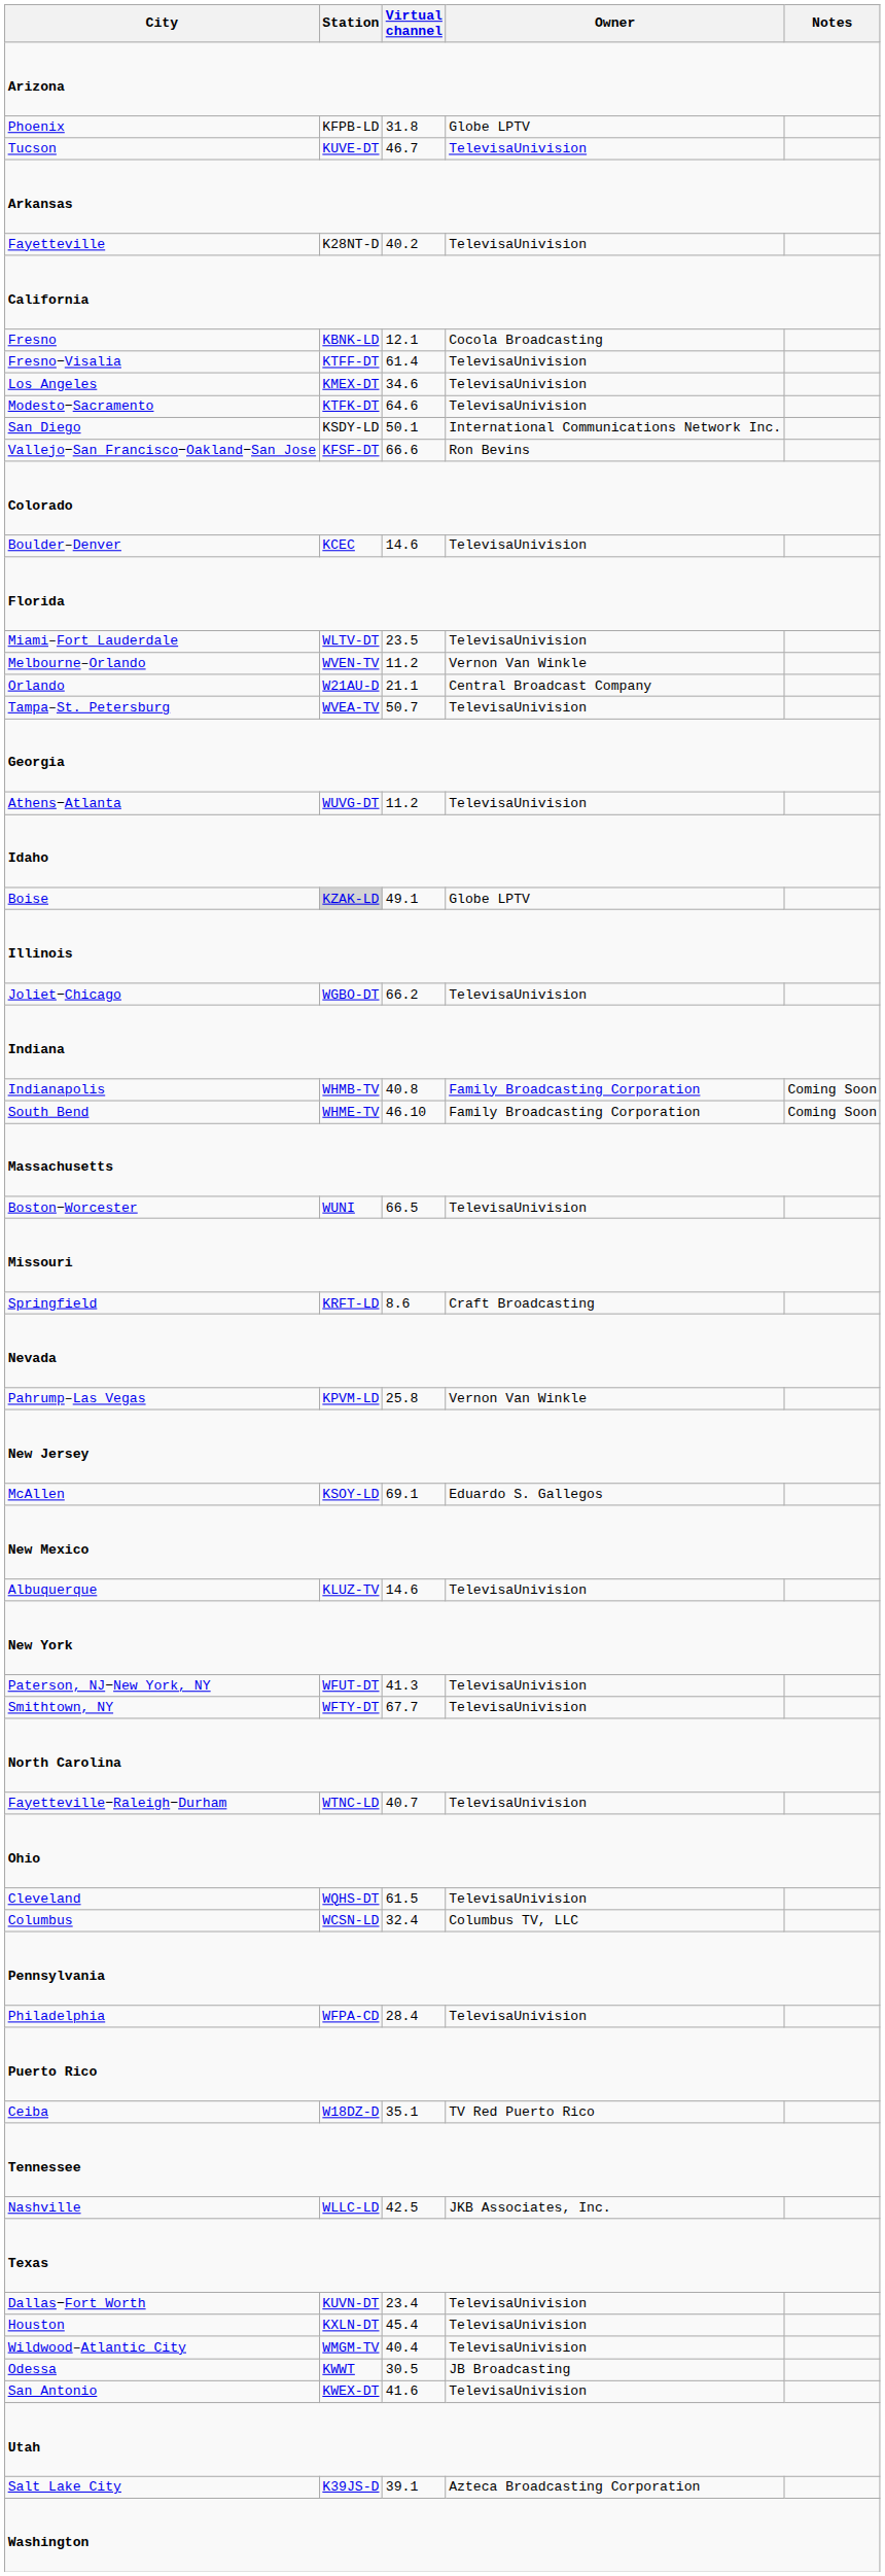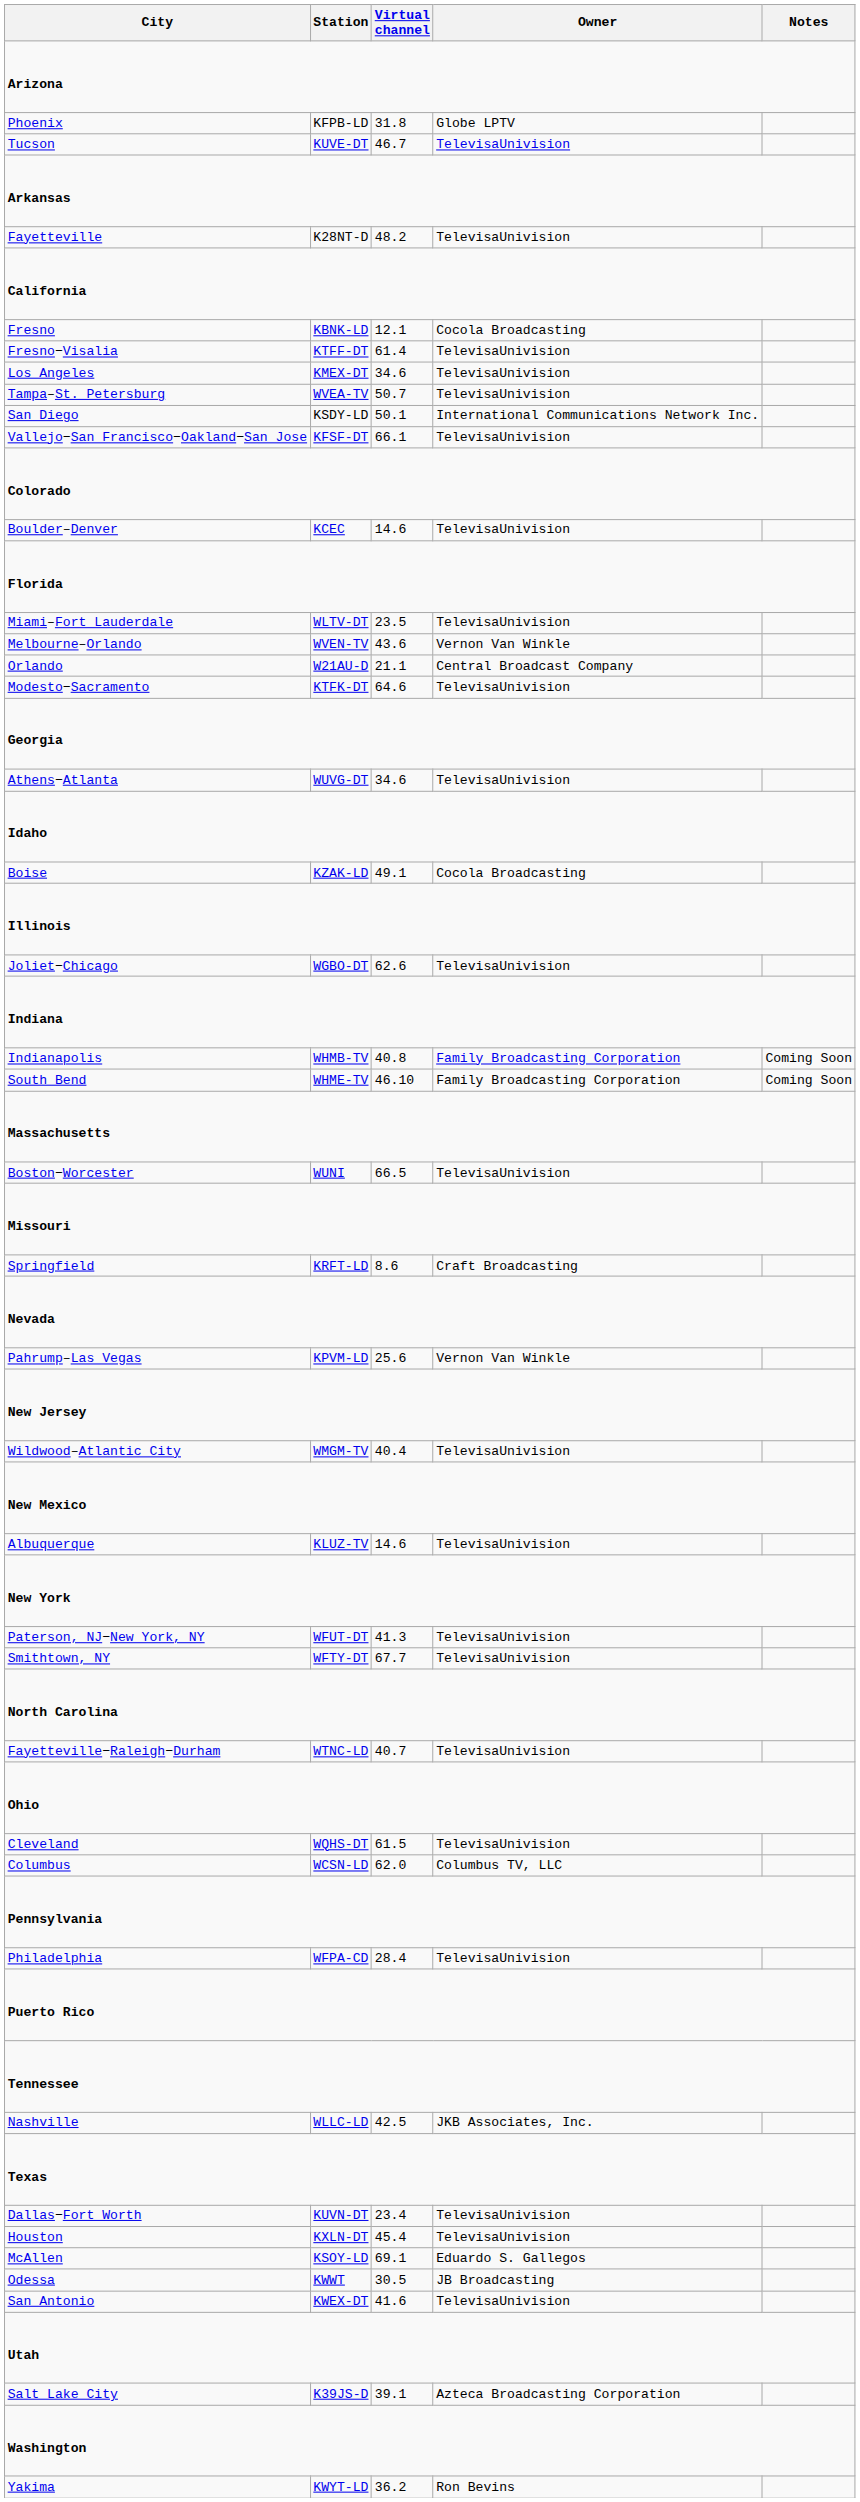 <table class="wikitable unsortable"  style="margin:2em 1em 1em 0; vertical-align:center; text-align:left;">
 <tr>
 <th>City</th>
 <th>Station</th>
 <th><a href='#'>Virtual<br>channel</a></th>
 <th>Owner</th>
 <th>Notes</th>
 </tr>
 <tr>
 <td colspan="5"><br><h4>Arizona</h4></td>
 </tr>
 <tr>
 <td><a href='#'>Phoenix</a></td>
 <td>KFPB-LD</td>
 <td>31.8</td>
 <td>Globe LPTV</td>
 <td></td>
 </tr>
 <tr>
 <td><a href='#'>Tucson</a></td>
 <td><a href='#'>KUVE-DT</a></td>
 <td>46.7</td>
 <td><a href='#'>TelevisaUnivision</a></td>
 <td></td>
 </tr>
 <tr>
 <td colspan="5"><br><h4>Arkansas</h4></td>
 </tr>
 <tr>
 <td><a href='#'>Fayetteville</a></td>
 <td>K28NT-D</td>
-<td>40.2</td>
+<td>48.2</td>
 <td>TelevisaUnivision</td>
 <td></td>
 </tr>
 <tr>
 <td colspan="5"><br><h4>California</h4></td>
 </tr>
 <tr>
 <td><a href='#'>Fresno</a></td>
 <td><a href='#'>KBNK-LD</a></td>
 <td>12.1</td>
 <td>Cocola Broadcasting</td>
 <td></td>
 </tr>
 <tr>
 <td><a href='#'>Fresno</a>−<a href='#'>Visalia</a></td>
 <td><a href='#'>KTFF-DT</a></td>
 <td>61.4</td>
 <td>TelevisaUnivision</td>
 <td></td>
 </tr>
 <tr>
 <td><a href='#'>Los Angeles</a></td>
 <td><a href='#'>KMEX-DT</a></td>
 <td>34.6</td>
 <td>TelevisaUnivision</td>
 <td></td>
 </tr>
 <tr>
-<td><a href='#'>Modesto</a>−<a href='#'>Sacramento</a></td>
-<td><a href='#'>KTFK-DT</a></td>
-<td>64.6</td>
+<td><a href='#'>Tampa</a>–<a href='#'>St. Petersburg</a></td>
+<td><a href='#'>WVEA-TV</a></td>
+<td>50.7</td>
 <td>TelevisaUnivision</td>
 <td></td>
 </tr>
 <tr>
 <td><a href='#'>San Diego</a></td>
 <td>KSDY-LD</td>
 <td>50.1</td>
 <td>International Communications Network Inc.</td>
 <td></td>
 </tr>
 <tr>
 <td><a href='#'>Vallejo</a>−<a href='#'>San Francisco</a>−<a href='#'>Oakland</a>−<a href='#'>San Jose</a></td>
 <td><a href='#'>KFSF-DT</a></td>
-<td>66.6</td>
-<td>Ron Bevins</td>
+<td>66.1</td>
+<td>TelevisaUnivision</td>
 <td></td>
 </tr>
 <tr>
 <td colspan="5"><br><h4>Colorado</h4></td>
 </tr>
 <tr>
 <td><a href='#'>Boulder</a>–<a href='#'>Denver</a></td>
 <td><a href='#'>KCEC</a></td>
 <td>14.6</td>
 <td>TelevisaUnivision</td>
 <td></td>
 </tr>
 <tr>
 <td colspan="5"><br><h4>Florida</h4></td>
 </tr>
 <tr>
 <td><a href='#'>Miami</a>–<a href='#'>Fort Lauderdale</a></td>
 <td><a href='#'>WLTV-DT</a></td>
 <td>23.5</td>
 <td>TelevisaUnivision</td>
 <td></td>
 </tr>
 <tr>
 <td><a href='#'>Melbourne</a>–<a href='#'>Orlando</a></td>
 <td><a href='#'>WVEN-TV</a></td>
-<td>11.2</td>
+<td>43.6</td>
 <td>Vernon Van Winkle</td>
 <td></td>
 </tr>
 <tr>
 <td><a href='#'>Orlando</a></td>
 <td><a href='#'>W21AU-D</a></td>
 <td>21.1</td>
 <td>Central Broadcast Company</td>
 <td></td>
 </tr>
 <tr>
-<td><a href='#'>Tampa</a>–<a href='#'>St. Petersburg</a></td>
-<td><a href='#'>WVEA-TV</a></td>
-<td>50.7</td>
+<td><a href='#'>Modesto</a>−<a href='#'>Sacramento</a></td>
+<td><a href='#'>KTFK-DT</a></td>
+<td>64.6</td>
 <td>TelevisaUnivision</td>
 <td></td>
 </tr>
 <tr>
 <td colspan="5"><br><h4>Georgia</h4></td>
 </tr>
 <tr>
 <td><a href='#'>Athens</a>−<a href='#'>Atlanta</a></td>
 <td><a href='#'>WUVG-DT</a></td>
-<td>11.2</td>
+<td>34.6</td>
 <td>TelevisaUnivision</td>
 <td></td>
 </tr>
 <tr>
 <td colspan="5"><br><h4>Idaho</h4></td>
 </tr>
 <tr>
 <td><a href='#'>Boise</a></td>
-<td style="background: lightgrey;"><a href='#'>KZAK-LD</a></td>
+<td><a href='#'>KZAK-LD</a></td>
 <td>49.1</td>
-<td>Globe LPTV</td>
+<td>Cocola Broadcasting</td>
 <td></td>
 </tr>
 <tr>
 <td colspan="5"><br><h4>Illinois</h4></td>
 </tr>
 <tr>
 <td><a href='#'>Joliet</a>−<a href='#'>Chicago</a></td>
 <td><a href='#'>WGBO-DT</a></td>
-<td>66.2</td>
+<td>62.6</td>
 <td>TelevisaUnivision</td>
 <td></td>
 </tr>
 <tr>
 <td colspan="5"><br><h4>Indiana</h4></td>
 </tr>
 <tr>
 <td><a href='#'>Indianapolis</a></td>
 <td><a href='#'>WHMB-TV</a></td>
 <td>40.8</td>
 <td><a href='#'>Family Broadcasting Corporation</a></td>
 <td>Coming Soon</td>
 </tr>
 <tr>
 <td><a href='#'>South Bend</a></td>
 <td><a href='#'>WHME-TV</a></td>
 <td>46.10</td>
 <td>Family Broadcasting Corporation</td>
 <td>Coming Soon</td>
 </tr>
 <tr>
 <td colspan="5"><br><h4>Massachusetts</h4></td>
 </tr>
 <tr>
 <td><a href='#'>Boston</a>−<a href='#'>Worcester</a></td>
 <td><a href='#'>WUNI</a></td>
 <td>66.5</td>
 <td>TelevisaUnivision</td>
 <td></td>
 </tr>
 <tr>
 <td colspan="5"><br><h4>Missouri</h4></td>
 </tr>
 <tr>
 <td><a href='#'>Springfield</a></td>
 <td><a href='#'>KRFT-LD</a></td>
 <td>8.6</td>
 <td>Craft Broadcasting</td>
 <td></td>
 </tr>
 <tr>
 <td colspan="5"><br><h4>Nevada</h4></td>
 </tr>
 <tr>
 <td><a href='#'>Pahrump</a>–<a href='#'>Las Vegas</a></td>
 <td><a href='#'>KPVM-LD</a></td>
-<td>25.8</td>
+<td>25.6</td>
 <td>Vernon Van Winkle</td>
 <td></td>
 </tr>
 <tr>
 <td colspan="5"><br><h4>New Jersey</h4></td>
 </tr>
 <tr>
-<td><a href='#'>McAllen</a></td>
-<td><a href='#'>KSOY-LD</a></td>
-<td>69.1</td>
-<td>Eduardo S. Gallegos</td>
+<td><a href='#'>Wildwood</a>–<a href='#'>Atlantic City</a></td>
+<td><a href='#'>WMGM-TV</a></td>
+<td>40.4</td>
+<td>TelevisaUnivision</td>
 <td></td>
 </tr>
 <tr>
 <td colspan="5"><br><h4>New Mexico</h4></td>
 </tr>
 <tr>
 <td><a href='#'>Albuquerque</a></td>
 <td><a href='#'>KLUZ-TV</a></td>
 <td>14.6</td>
 <td>TelevisaUnivision</td>
 <td></td>
 </tr>
 <tr>
 <td colspan="5"><br><h4>New York</h4></td>
 </tr>
 <tr>
 <td><a href='#'>Paterson, NJ</a>−<a href='#'>New York, NY</a></td>
 <td><a href='#'>WFUT-DT</a></td>
 <td>41.3</td>
 <td>TelevisaUnivision</td>
 <td></td>
 </tr>
 <tr>
 <td><a href='#'>Smithtown, NY</a></td>
 <td><a href='#'>WFTY-DT</a></td>
 <td>67.7</td>
 <td>TelevisaUnivision</td>
 <td></td>
 </tr>
 <tr>
 <td colspan="5"><br><h4>North Carolina</h4></td>
 </tr>
 <tr>
 <td><a href='#'>Fayetteville</a>−<a href='#'>Raleigh</a>−<a href='#'>Durham</a></td>
 <td><a href='#'>WTNC-LD</a></td>
 <td>40.7</td>
 <td>TelevisaUnivision</td>
 <td></td>
 </tr>
 <tr>
 <td colspan="5"><br><h4>Ohio</h4></td>
 </tr>
 <tr>
 <td><a href='#'>Cleveland</a></td>
 <td><a href='#'>WQHS-DT</a></td>
 <td>61.5</td>
 <td>TelevisaUnivision</td>
 <td></td>
 </tr>
 <tr>
 <td><a href='#'>Columbus</a></td>
 <td><a href='#'>WCSN-LD</a></td>
-<td>32.4</td>
+<td>62.0</td>
 <td>Columbus TV, LLC</td>
 <td></td>
 </tr>
 <tr>
 <td colspan="5"><br><h4>Pennsylvania</h4></td>
 </tr>
 <tr>
 <td><a href='#'>Philadelphia</a></td>
 <td><a href='#'>WFPA-CD</a></td>
 <td>28.4</td>
 <td>TelevisaUnivision</td>
 <td></td>
 </tr>
 <tr>
 <td colspan="5"><br><h4>Puerto Rico</h4></td>
-</tr>
-<tr>
-<td><a href='#'>Ceiba</a></td>
-<td><a href='#'>W18DZ-D</a></td>
-<td>35.1</td>
-<td>TV Red Puerto Rico</td>
-<td></td>
 </tr>
 <tr>
 <td colspan="5"><br><h4>Tennessee</h4></td>
 </tr>
 <tr>
 <td><a href='#'>Nashville</a></td>
 <td><a href='#'>WLLC-LD</a></td>
 <td>42.5</td>
 <td>JKB Associates, Inc.</td>
 <td></td>
 </tr>
 <tr>
 <td colspan="5"><br><h4>Texas</h4></td>
 </tr>
 <tr>
 <td><a href='#'>Dallas</a>−<a href='#'>Fort Worth</a></td>
 <td><a href='#'>KUVN-DT</a></td>
 <td>23.4</td>
 <td>TelevisaUnivision</td>
 <td></td>
 </tr>
 <tr>
 <td><a href='#'>Houston</a></td>
 <td><a href='#'>KXLN-DT</a></td>
 <td>45.4</td>
 <td>TelevisaUnivision</td>
 <td></td>
 </tr>
 <tr>
-<td><a href='#'>Wildwood</a>–<a href='#'>Atlantic City</a></td>
-<td><a href='#'>WMGM-TV</a></td>
-<td>40.4</td>
-<td>TelevisaUnivision</td>
+<td><a href='#'>McAllen</a></td>
+<td><a href='#'>KSOY-LD</a></td>
+<td>69.1</td>
+<td>Eduardo S. Gallegos</td>
 <td></td>
 </tr>
 <tr>
 <td><a href='#'>Odessa</a></td>
 <td><a href='#'>KWWT</a></td>
 <td>30.5</td>
 <td>JB Broadcasting</td>
 <td></td>
 </tr>
 <tr>
 <td><a href='#'>San Antonio</a></td>
 <td><a href='#'>KWEX-DT</a></td>
 <td>41.6</td>
 <td>TelevisaUnivision</td>
 <td></td>
 </tr>
 <tr>
 <td colspan="5"><br><h4>Utah</h4></td>
 </tr>
 <tr>
 <td><a href='#'>Salt Lake City</a></td>
 <td><a href='#'>K39JS-D</a></td>
 <td>39.1</td>
 <td>Azteca Broadcasting Corporation</td>
 <td></td>
 </tr>
 <tr>
 <td colspan="5"><br><h4>Washington</h4></td>
 </tr>
+<tr>
+<td><a href='#'>Yakima</a></td>
+<td><a href='#'>KWYT-LD</a></td>
+<td>36.2</td>
+<td>Ron Bevins</td>
+<td></td>
+</tr>
 </table>
